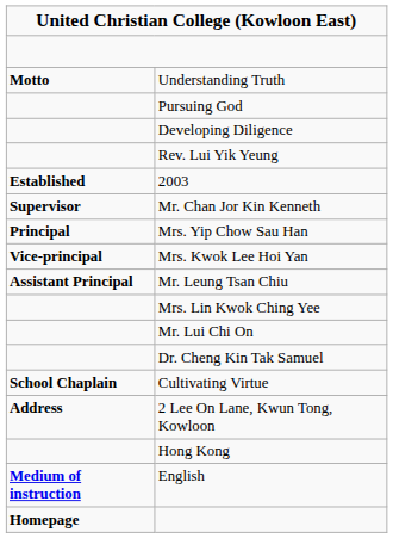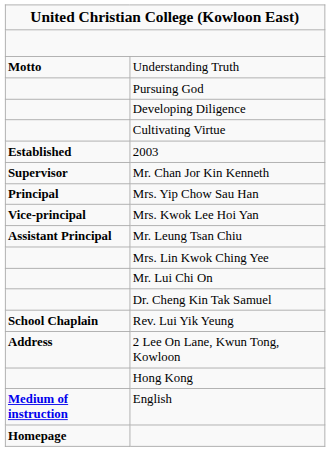 <table class="wikitable toccolours" style="float: right; margin-left: 1em; width: 25em; font-size: 90%;" cellspacing="3">
 <tr>
 <td colspan="2" style="font-weight: bold; text-align: center; font-size: larger;">United Christian College (Kowloon East)<br></td>
 </tr>
 <tr>
 <td colspan="2" style="padding: 1em 0; text-align:center;"></td>
 </tr>
 <tr style="vertical-align:top;">
 <td style="font-weight:bold">Motto</td>
 <td>Understanding Truth</td>
 </tr>
 <tr style="vertical-align:top;">
 <td></td>
 <td>Pursuing God</td>
 </tr>
 <tr style="vertical-align:top;">
 <td></td>
 <td>Developing Diligence</td>
 </tr>
 <tr style="vertical-align:top;">
 <td></td>
-<td>Rev. Lui Yik Yeung</td>
+<td>Cultivating Virtue</td>
 </tr>
 <tr style="vertical-align:top;">
 <td style="font-weight:bold">Established</td>
 <td>2003</td>
 </tr>
 <tr>
 <td><strong>Supervisor</strong></td>
 <td>Mr. Chan Jor Kin Kenneth</td>
 </tr>
 <tr style="vertical-align:top;">
 <td style="font-weight:bold">Principal</td>
 <td>Mrs. Yip Chow Sau Han</td>
 </tr>
 <tr>
 <td><strong>Vice-principal</strong></td>
 <td>Mrs. Kwok Lee Hoi Yan</td>
 </tr>
 <tr>
 <td><strong>Assistant Principal</strong></td>
 <td>Mr. Leung Tsan Chiu</td>
 </tr>
 <tr>
 <td></td>
 <td>Mrs. Lin Kwok Ching Yee</td>
 </tr>
 <tr>
 <td></td>
 <td>Mr. Lui Chi On</td>
 </tr>
 <tr>
 <td></td>
 <td>Dr. Cheng Kin Tak Samuel</td>
 </tr>
 <tr>
 <td><strong>School Chaplain</strong></td>
-<td>Cultivating Virtue</td>
+<td>Rev. Lui Yik Yeung</td>
 </tr>
 <tr style="vertical-align:top;">
 <td style="font-weight:bold">Address</td>
 <td>2 Lee On Lane, Kwun Tong, Kowloon</td>
 </tr>
 <tr style="vertical-align:top;">
 <td></td>
 <td>Hong Kong</td>
 </tr>
 <tr style="vertical-align:top;">
 <td style="font-weight:bold"><a href='#'>Medium of instruction</a></td>
 <td>English</td>
 </tr>
 <tr style="vertical-align:top;">
 <td style="font-weight:bold">Homepage</td>
 <td></td>
 </tr>
 </table>
